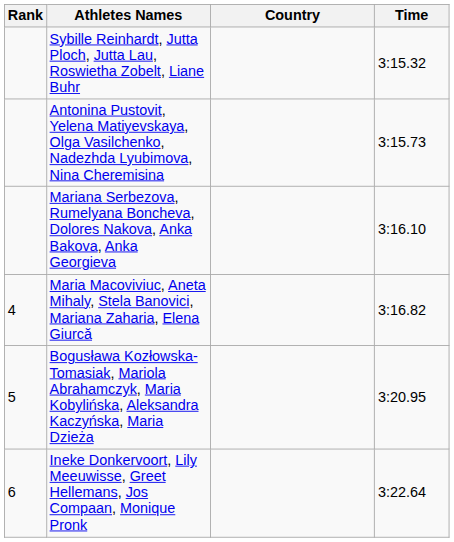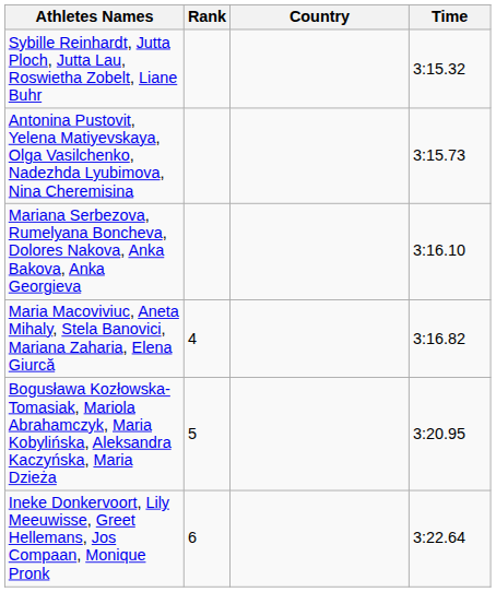 <table class="wikitable">
 <tr>
+<th width=175>Athletes Names</th>
 <th width=25>Rank</th>
-<th width=175>Athletes Names</th>
 <th width=175>Country</th>
 <th width=75>Time</th>
 </tr>
 <tr>
+<td><a href='#'>Sybille Reinhardt</a>, <a href='#'>Jutta Ploch</a>, <a href='#'>Jutta Lau</a>, <a href='#'>Roswietha Zobelt</a>, <a href='#'>Liane Buhr</a></td>
 <td></td>
-<td><a href='#'>Sybille Reinhardt</a>, <a href='#'>Jutta Ploch</a>, <a href='#'>Jutta Lau</a>, <a href='#'>Roswietha Zobelt</a>, <a href='#'>Liane Buhr</a></td>
 <td></td>
 <td>3:15.32</td>
 </tr>
 <tr>
+<td><a href='#'>Antonina Pustovit</a>, <a href='#'>Yelena Matiyevskaya</a>, <a href='#'>Olga Vasilchenko</a>, <a href='#'>Nadezhda Lyubimova</a>, <a href='#'>Nina Cheremisina</a></td>
 <td></td>
-<td><a href='#'>Antonina Pustovit</a>, <a href='#'>Yelena Matiyevskaya</a>, <a href='#'>Olga Vasilchenko</a>, <a href='#'>Nadezhda Lyubimova</a>, <a href='#'>Nina Cheremisina</a></td>
 <td></td>
 <td>3:15.73</td>
 </tr>
 <tr>
+<td><a href='#'>Mariana Serbezova</a>, <a href='#'>Rumelyana Boncheva</a>, <a href='#'>Dolores Nakova</a>, <a href='#'>Anka Bakova</a>, <a href='#'>Anka Georgieva</a></td>
 <td></td>
-<td><a href='#'>Mariana Serbezova</a>, <a href='#'>Rumelyana Boncheva</a>, <a href='#'>Dolores Nakova</a>, <a href='#'>Anka Bakova</a>, <a href='#'>Anka Georgieva</a></td>
 <td></td>
 <td>3:16.10</td>
 </tr>
 <tr>
+<td><a href='#'>Maria Macoviviuc</a>, <a href='#'>Aneta Mihaly</a>, <a href='#'>Stela Banovici</a>, <a href='#'>Mariana Zaharia</a>, <a href='#'>Elena Giurcă</a></td>
 <td>4</td>
-<td><a href='#'>Maria Macoviviuc</a>, <a href='#'>Aneta Mihaly</a>, <a href='#'>Stela Banovici</a>, <a href='#'>Mariana Zaharia</a>, <a href='#'>Elena Giurcă</a></td>
 <td></td>
 <td>3:16.82</td>
 </tr>
 <tr>
+<td><a href='#'>Bogusława Kozłowska-Tomasiak</a>, <a href='#'>Mariola Abrahamczyk</a>, <a href='#'>Maria Kobylińska</a>, <a href='#'>Aleksandra Kaczyńska</a>, <a href='#'>Maria Dzieża</a></td>
 <td>5</td>
-<td><a href='#'>Bogusława Kozłowska-Tomasiak</a>, <a href='#'>Mariola Abrahamczyk</a>, <a href='#'>Maria Kobylińska</a>, <a href='#'>Aleksandra Kaczyńska</a>, <a href='#'>Maria Dzieża</a></td>
 <td></td>
 <td>3:20.95</td>
 </tr>
 <tr>
+<td><a href='#'>Ineke Donkervoort</a>, <a href='#'>Lily Meeuwisse</a>, <a href='#'>Greet Hellemans</a>, <a href='#'>Jos Compaan</a>, <a href='#'>Monique Pronk</a></td>
 <td>6</td>
-<td><a href='#'>Ineke Donkervoort</a>, <a href='#'>Lily Meeuwisse</a>, <a href='#'>Greet Hellemans</a>, <a href='#'>Jos Compaan</a>, <a href='#'>Monique Pronk</a></td>
 <td></td>
 <td>3:22.64</td>
 </tr>
 </table>
